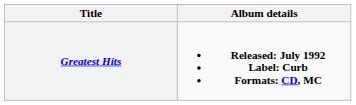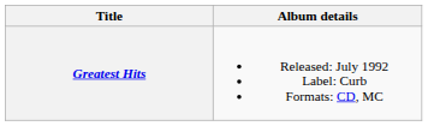 <table class="wikitable plainrowheaders" style="text-align:center;">
 <tr>
 <th scope="col" style="width:15em;">Title</th>
 <th scope="col" style="width:15em;">Album details</th>
 </tr>
 <tr>
 <th scope="row"><em><a href='#'>Greatest Hits</a></em></th>
-<td><strong><br><ul><li>Released: July 1992</li><li>Label: Curb</li><li>Formats: <a href='#'>CD</a>, MC</li></ul></strong></td>
+<td><br><ul><li>Released: July 1992</li><li>Label: Curb</li><li>Formats: <a href='#'>CD</a>, MC</li></ul></td>
 </tr>
 </table>
